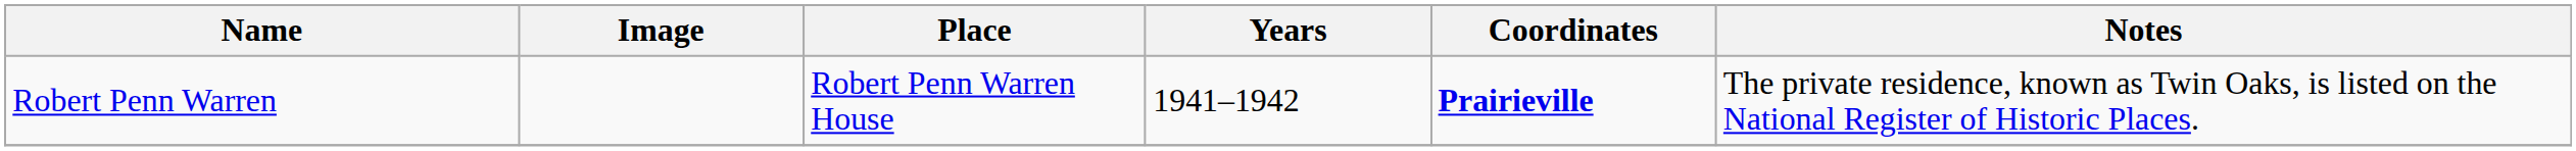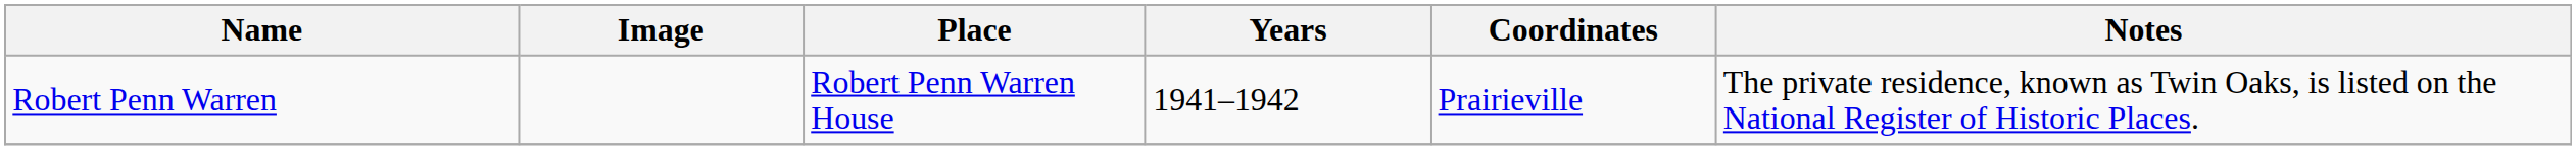 <table class="wikitable sortable" style="width: 100%">
 <tr>
 <th width="18%">Name</th>
 <th width="10%">Image</th>
 <th width="12%">Place</th>
 <th width="10%">Years</th>
 <th width="10%">Coordinates</th>
 <th width="30%">Notes</th>
 </tr>
 <tr>
 <td><a href='#'>Robert Penn Warren</a></td>
 <td></td>
 <td><a href='#'>Robert Penn Warren House</a></td>
 <td>1941–1942</td>
-<td><strong><a href='#'>Prairieville</a> <br></strong></td>
+<td><a href='#'>Prairieville</a> <br></td>
 <td>The private residence, known as Twin Oaks, is listed on the <a href='#'>National Register of Historic Places</a>.</td>
 </tr>
 <tr>
 </tr>
 </table>
